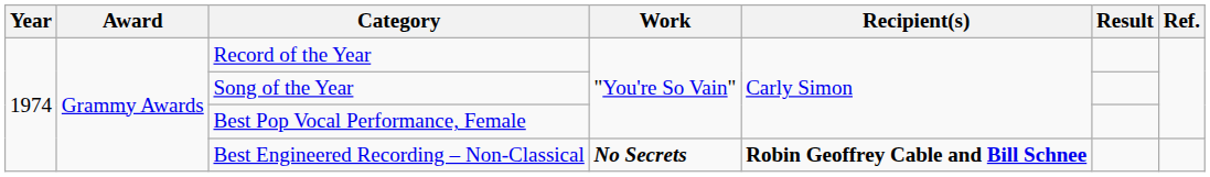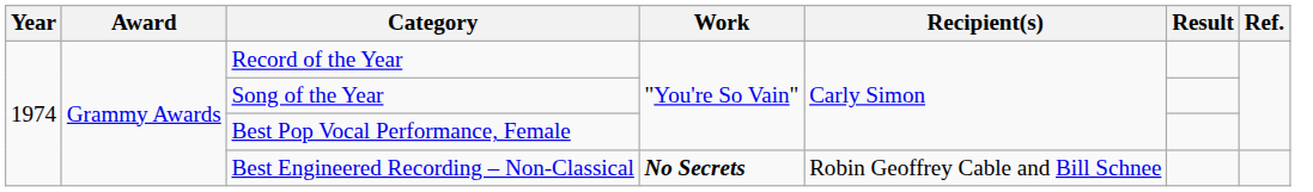 <table class="wikitable">
 <tr>
 <th>Year</th>
 <th>Award</th>
 <th>Category</th>
 <th>Work</th>
 <th>Recipient(s)</th>
 <th>Result</th>
 <th>Ref.</th>
 </tr>
 <tr>
 <td rowspan="4">1974</td>
 <td rowspan="4"><a href='#'>Grammy Awards</a></td>
 <td><a href='#'>Record of the Year</a></td>
 <td rowspan="3">"<a href='#'>You're So Vain</a>"</td>
 <td rowspan="3"><a href='#'>Carly Simon</a></td>
 <td></td>
 <td rowspan="3" align="center"></td>
 </tr>
 <tr>
 <td><a href='#'>Song of the Year</a></td>
 <td></td>
 </tr>
 <tr>
 <td><a href='#'>Best Pop Vocal Performance, Female</a></td>
 <td></td>
 </tr>
 <tr>
 <td><a href='#'>Best Engineered Recording – Non-Classical</a></td>
 <td><strong><em>No Secrets</em></strong></td>
-<td><strong>Robin Geoffrey Cable and <a href='#'>Bill Schnee</a></strong></td>
+<td>Robin Geoffrey Cable and <a href='#'>Bill Schnee</a></td>
 <td></td>
 <td align="center"></td>
 </tr>
 </table>
